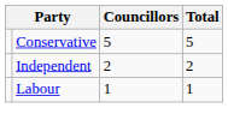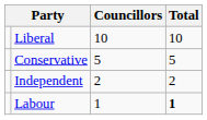 <table class="wikitable">
 <tr>
 <th colspan="2">Party</th>
 <th>Councillors</th>
 <th>Total</th>
+</tr>
+<tr>
+<td style="background-color: "></td>
+<td><a href='#'>Liberal</a></td>
+<td>10</td>
+<td>10</td>
 </tr>
 <tr>
 <td style="background-color: "></td>
 <td><a href='#'>Conservative</a></td>
 <td>5</td>
 <td>5</td>
 </tr>
 <tr>
 <td style="background-color: "></td>
 <td><a href='#'>Independent</a></td>
 <td>2</td>
 <td>2</td>
 </tr>
 <tr>
 <td style="background-color: "></td>
 <td><a href='#'>Labour</a></td>
 <td>1</td>
-<td>1</td>
+<td><strong>1</strong></td>
 </tr>
 </table>
